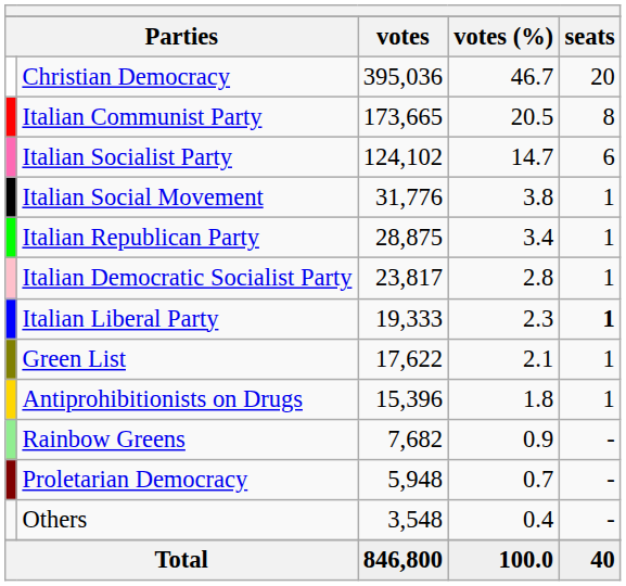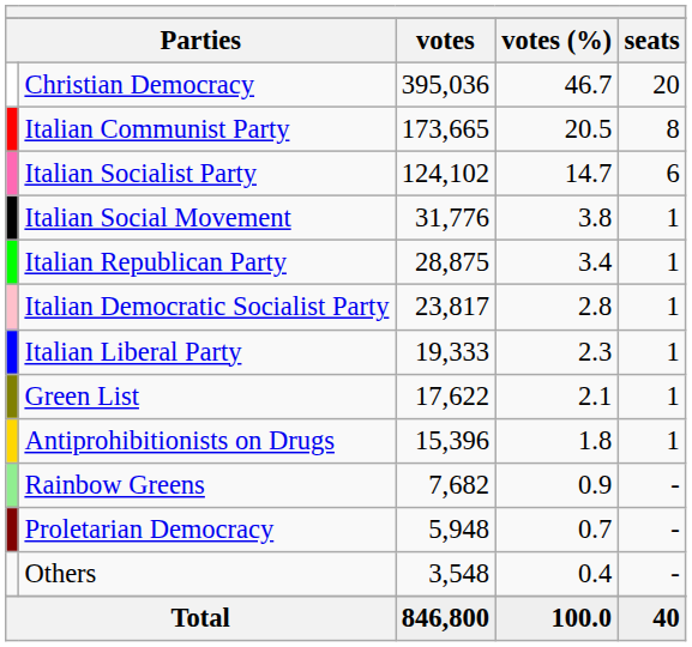 <table class="wikitable" style="font-size:95%">
 <tr>
 <th colspan=5></th>
 </tr>
 <tr>
 </tr>
 <tr bgcolor="EFEFEF">
 <th colspan=2>Parties</th>
 <th>votes</th>
 <th>votes (%)</th>
 <th>seats</th>
 </tr>
 <tr>
 <td bgcolor=White></td>
 <td><a href='#'>Christian Democracy</a></td>
 <td align=right>395,036</td>
 <td align=right>46.7</td>
 <td align=right>20</td>
 </tr>
 <tr>
 <td bgcolor=Red></td>
 <td><a href='#'>Italian Communist Party</a></td>
 <td align=right>173,665</td>
 <td align=right>20.5</td>
 <td align=right>8</td>
 </tr>
 <tr>
 <td bgcolor=Hotpink></td>
 <td><a href='#'>Italian Socialist Party</a></td>
 <td align=right>124,102</td>
 <td align=right>14.7</td>
 <td align=right>6</td>
 </tr>
 <tr>
 <td bgcolor=Black></td>
 <td><a href='#'>Italian Social Movement</a></td>
 <td align=right>31,776</td>
 <td align=right>3.8</td>
 <td align=right>1</td>
 </tr>
 <tr>
 <td bgcolor=Lime></td>
 <td><a href='#'>Italian Republican Party</a></td>
 <td align=right>28,875</td>
 <td align=right>3.4</td>
 <td align=right>1</td>
 </tr>
 <tr>
 <td bgcolor=Pink></td>
 <td><a href='#'>Italian Democratic Socialist Party</a></td>
 <td align=right>23,817</td>
 <td align=right>2.8</td>
 <td align=right>1</td>
 </tr>
 <tr>
 <td bgcolor=Blue></td>
 <td><a href='#'>Italian Liberal Party</a></td>
 <td align=right>19,333</td>
 <td align=right>2.3</td>
-<td align=right><strong>1</strong></td>
+<td align=right>1</td>
 </tr>
 <tr>
 <td bgcolor=Olive></td>
 <td><a href='#'>Green List</a></td>
 <td align=right>17,622</td>
 <td align=right>2.1</td>
 <td align=right>1</td>
 </tr>
 <tr>
 <td bgcolor=Gold></td>
 <td><a href='#'>Antiprohibitionists on Drugs</a></td>
 <td align=right>15,396</td>
 <td align=right>1.8</td>
 <td align=right>1</td>
 </tr>
 <tr>
 <td bgcolor=lightgreen></td>
 <td><a href='#'>Rainbow Greens</a></td>
 <td align=right>7,682</td>
 <td align=right>0.9</td>
 <td align=right>-</td>
 </tr>
 <tr>
 <td bgcolor=Maroon></td>
 <td><a href='#'>Proletarian Democracy</a></td>
 <td align=right>5,948</td>
 <td align=right>0.7</td>
 <td align=right>-</td>
 </tr>
 <tr>
 <td bgcolor=></td>
 <td>Others</td>
 <td align=right>3,548</td>
 <td align=right>0.4</td>
 <td align=right>-</td>
 </tr>
 <tr>
 </tr>
 <tr bgcolor="EFEFEF">
 <th colspan=2><strong>Total</strong></th>
 <td align=right><strong>846,800</strong></td>
 <td align=right><strong>100.0</strong></td>
 <td align=right><strong>40</strong></td>
 </tr>
 </table>
